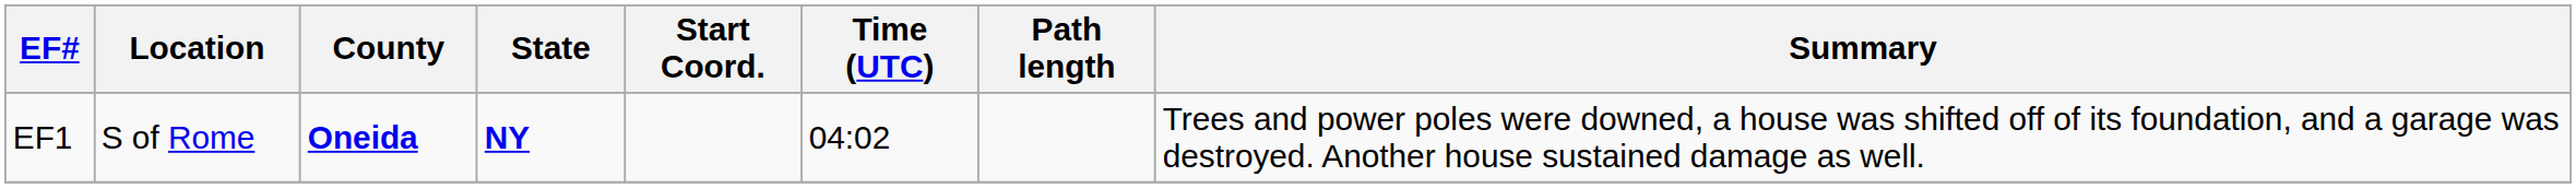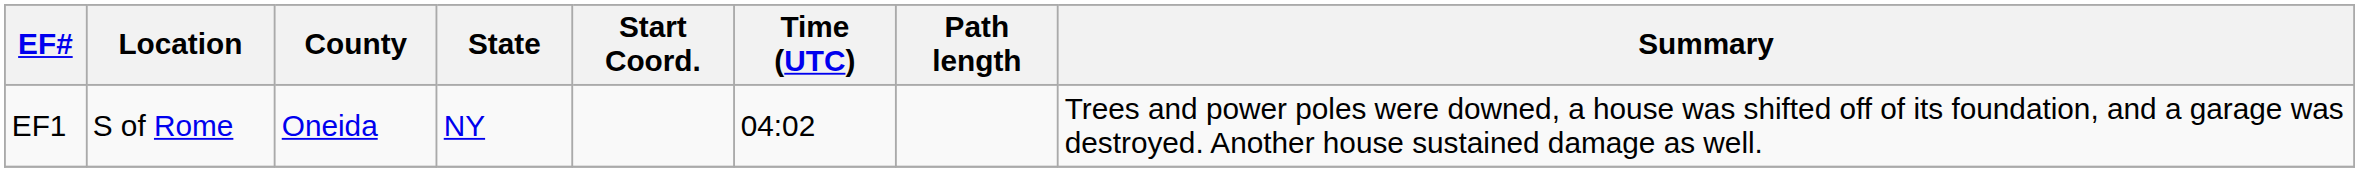 <table class="wikitable sortable" style="width:100%;">
 <tr>
 <th scope="col"  style="width:3%; text-align:center;"><a href='#'>EF#</a></th>
 <th scope="col"  style="width:7%; text-align:center;" class="unsortable">Location</th>
 <th scope="col"  style="width:6%; text-align:center;" class="unsortable">County</th>
 <th scope="col"  style="width:5%; text-align:center;">State</th>
 <th scope="col"  style="width:6%; text-align:center;">Start Coord.</th>
 <th scope="col"  style="width:6%; text-align:center;">Time (<a href='#'>UTC</a>)</th>
 <th scope="col"  style="width:6%; text-align:center;">Path length</th>
 <th scope="col" class="unsortable" style="width:48%; text-align:center;">Summary</th>
 </tr>
 <tr>
 <td>EF1</td>
 <td>S of <a href='#'>Rome</a></td>
-<td><strong><a href='#'>Oneida</a></strong></td>
-<td><strong><a href='#'>NY</a></strong></td>
+<td><a href='#'>Oneida</a></td>
+<td><a href='#'>NY</a></td>
 <td></td>
 <td>04:02</td>
 <td></td>
 <td>Trees and power poles were downed, a house was shifted off of its foundation, and a garage was destroyed. Another house sustained damage as well.</td>
 </tr>
 <tr>
 </tr>
 </table>
